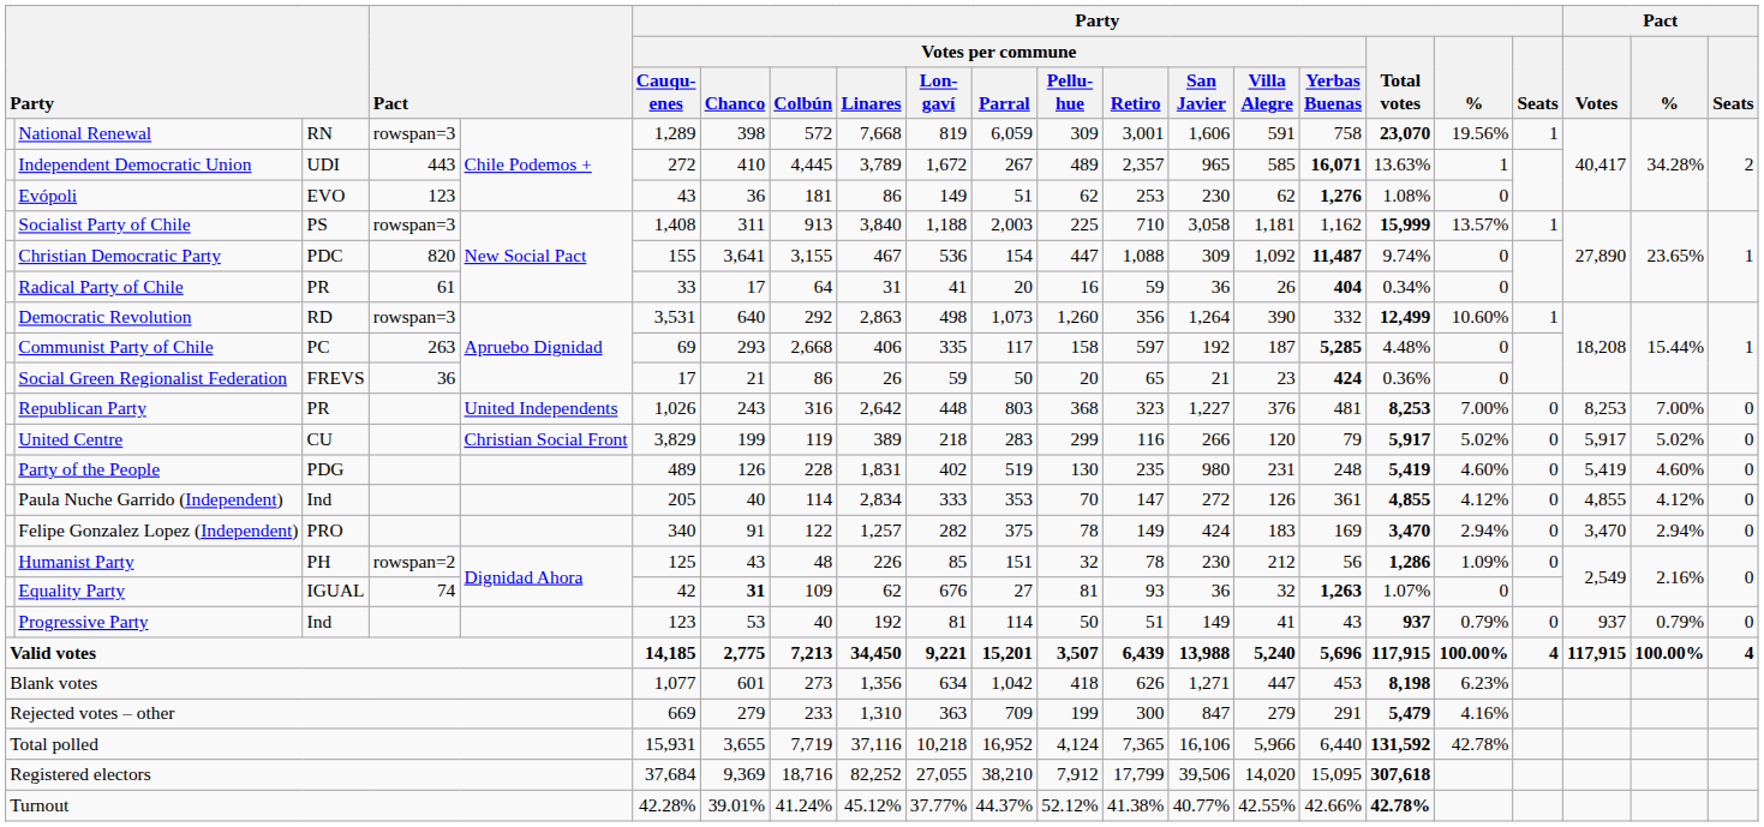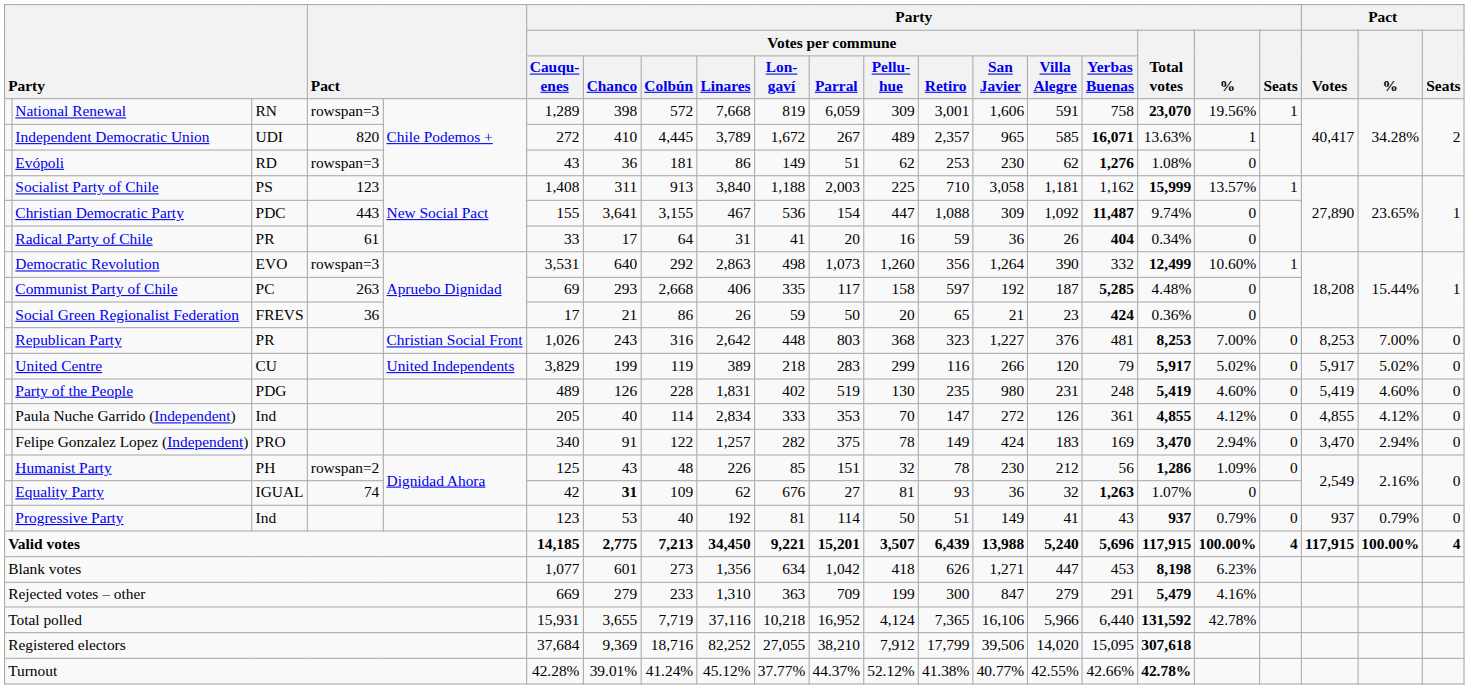 <table class="wikitable" border="1" style="font-size:90%; text-align:right; white-space: nowrap;">
 <tr>
 <th style="text-align:left;" valign=bottom rowspan=3 colspan=3>Party</th>
 <th style="text-align:left;" valign=bottom rowspan=3 colspan=2>Pact</th>
 <th colspan=14>Party</th>
 <th colspan=3>Pact</th>
 </tr>
 <tr>
 <th colspan=11>Votes per commune</th>
 <th align=center valign=bottom rowspan=2 width="40">Total<br>votes</th>
 <th align=center valign=bottom rowspan=2 width="40">%</th>
 <th align=center valign=bottom rowspan=2>Seats</th>
 <th align=center valign=bottom rowspan=2 width="40">Votes</th>
 <th align=center valign=bottom rowspan=2 width="40">%</th>
 <th align=center valign=bottom rowspan=2>Seats</th>
 </tr>
 <tr>
 <th align=center valign=bottom width="40"><a href='#'>Cauqu-<br>enes</a></th>
 <th align=center valign=bottom width="40"><a href='#'>Chanco</a></th>
 <th align=center valign=bottom width="40"><a href='#'>Colbún</a></th>
 <th align=center valign=bottom width="40"><a href='#'>Linares</a></th>
 <th align=center valign=bottom width="40"><a href='#'>Lon-<br>gaví</a></th>
 <th align=center valign=bottom width="40"><a href='#'>Parral</a></th>
 <th align=center valign=bottom width="40"><a href='#'>Pellu-<br>hue</a></th>
 <th align=center valign=bottom width="40"><a href='#'>Retiro</a></th>
 <th align=center valign=bottom width="40"><a href='#'>San<br>Javier</a></th>
 <th align=center valign=bottom width="40"><a href='#'>Villa<br>Alegre</a></th>
 <th align=center valign=bottom width="40"><a href='#'>Yerbas<br>Buenas</a></th>
 </tr>
 <tr>
 <td></td>
 <td align=left><a href='#'>National Renewal</a></td>
 <td align=left>RN</td>
 <td>rowspan=3 </td>
 <td rowspan=3 align=left><a href='#'>Chile Podemos +</a></td>
 <td>1,289</td>
 <td>398</td>
 <td>572</td>
 <td>7,668</td>
 <td>819</td>
 <td>6,059</td>
 <td>309</td>
 <td>3,001</td>
 <td>1,606</td>
 <td>591</td>
 <td>758</td>
 <td><strong>23,070</strong></td>
 <td>19.56%</td>
 <td>1</td>
 <td rowspan=3>40,417</td>
 <td rowspan=3>34.28%</td>
 <td rowspan=3>2</td>
 </tr>
 <tr>
 <td></td>
 <td align=left><a href='#'>Independent Democratic Union</a></td>
 <td align=left>UDI</td>
-<td>443</td>
+<td>820</td>
 <td>272</td>
 <td>410</td>
 <td>4,445</td>
 <td>3,789</td>
 <td>1,672</td>
 <td>267</td>
 <td>489</td>
 <td>2,357</td>
 <td>965</td>
 <td>585</td>
 <td><strong>16,071</strong></td>
 <td>13.63%</td>
 <td>1</td>
 </tr>
 <tr>
 <td></td>
 <td align=left><a href='#'>Evópoli</a></td>
-<td align=left>EVO</td>
-<td>123</td>
+<td align=left>RD</td>
+<td>rowspan=3 </td>
 <td>43</td>
 <td>36</td>
 <td>181</td>
 <td>86</td>
 <td>149</td>
 <td>51</td>
 <td>62</td>
 <td>253</td>
 <td>230</td>
 <td>62</td>
 <td><strong>1,276</strong></td>
 <td>1.08%</td>
 <td>0</td>
 </tr>
 <tr>
 <td></td>
 <td align=left><a href='#'>Socialist Party of Chile</a></td>
 <td align=left>PS</td>
-<td>rowspan=3 </td>
+<td>123</td>
 <td rowspan=3 align=left><a href='#'>New Social Pact</a></td>
 <td>1,408</td>
 <td>311</td>
 <td>913</td>
 <td>3,840</td>
 <td>1,188</td>
 <td>2,003</td>
 <td>225</td>
 <td>710</td>
 <td>3,058</td>
 <td>1,181</td>
 <td>1,162</td>
 <td><strong>15,999</strong></td>
 <td>13.57%</td>
 <td>1</td>
 <td rowspan=3>27,890</td>
 <td rowspan=3>23.65%</td>
 <td rowspan=3>1</td>
 </tr>
 <tr>
 <td></td>
 <td align=left><a href='#'>Christian Democratic Party</a></td>
 <td align=left>PDC</td>
-<td>820</td>
+<td>443</td>
 <td>155</td>
 <td>3,641</td>
 <td>3,155</td>
 <td>467</td>
 <td>536</td>
 <td>154</td>
 <td>447</td>
 <td>1,088</td>
 <td>309</td>
 <td>1,092</td>
 <td><strong>11,487</strong></td>
 <td>9.74%</td>
 <td>0</td>
 </tr>
 <tr>
 <td></td>
 <td align=left><a href='#'>Radical Party of Chile</a></td>
 <td align=left>PR</td>
 <td>61</td>
 <td>33</td>
 <td>17</td>
 <td>64</td>
 <td>31</td>
 <td>41</td>
 <td>20</td>
 <td>16</td>
 <td>59</td>
 <td>36</td>
 <td>26</td>
 <td><strong>404</strong></td>
 <td>0.34%</td>
 <td>0</td>
 </tr>
 <tr>
 <td></td>
 <td align=left><a href='#'>Democratic Revolution</a></td>
-<td align=left>RD</td>
+<td align=left>EVO</td>
 <td>rowspan=3 </td>
 <td rowspan=3 align=left><a href='#'>Apruebo Dignidad</a></td>
 <td>3,531</td>
 <td>640</td>
 <td>292</td>
 <td>2,863</td>
 <td>498</td>
 <td>1,073</td>
 <td>1,260</td>
 <td>356</td>
 <td>1,264</td>
 <td>390</td>
 <td>332</td>
 <td><strong>12,499</strong></td>
 <td>10.60%</td>
 <td>1</td>
 <td rowspan=3>18,208</td>
 <td rowspan=3>15.44%</td>
 <td rowspan=3>1</td>
 </tr>
 <tr>
 <td></td>
 <td align=left><a href='#'>Communist Party of Chile</a></td>
 <td align=left>PC</td>
 <td>263</td>
 <td>69</td>
 <td>293</td>
 <td>2,668</td>
 <td>406</td>
 <td>335</td>
 <td>117</td>
 <td>158</td>
 <td>597</td>
 <td>192</td>
 <td>187</td>
 <td><strong>5,285</strong></td>
 <td>4.48%</td>
 <td>0</td>
 </tr>
 <tr>
 <td></td>
 <td align=left><a href='#'>Social Green Regionalist Federation</a></td>
 <td align=left>FREVS</td>
 <td>36</td>
 <td>17</td>
 <td>21</td>
 <td>86</td>
 <td>26</td>
 <td>59</td>
 <td>50</td>
 <td>20</td>
 <td>65</td>
 <td>21</td>
 <td>23</td>
 <td><strong>424</strong></td>
 <td>0.36%</td>
 <td>0</td>
 </tr>
 <tr>
 <td></td>
 <td align=left><a href='#'>Republican Party</a></td>
 <td align=left>PR</td>
 <td></td>
-<td align=left><a href='#'>United Independents</a></td>
+<td align=left><a href='#'>Christian Social Front</a></td>
 <td>1,026</td>
 <td>243</td>
 <td>316</td>
 <td>2,642</td>
 <td>448</td>
 <td>803</td>
 <td>368</td>
 <td>323</td>
 <td>1,227</td>
 <td>376</td>
 <td>481</td>
 <td><strong>8,253</strong></td>
 <td>7.00%</td>
 <td>0</td>
 <td>8,253</td>
 <td>7.00%</td>
 <td>0</td>
 </tr>
 <tr>
 <td></td>
 <td align=left><a href='#'>United Centre</a></td>
 <td align=left>CU</td>
 <td></td>
-<td align=left><a href='#'>Christian Social Front</a></td>
+<td align=left><a href='#'>United Independents</a></td>
 <td>3,829</td>
 <td>199</td>
 <td>119</td>
 <td>389</td>
 <td>218</td>
 <td>283</td>
 <td>299</td>
 <td>116</td>
 <td>266</td>
 <td>120</td>
 <td>79</td>
 <td><strong>5,917</strong></td>
 <td>5.02%</td>
 <td>0</td>
 <td>5,917</td>
 <td>5.02%</td>
 <td>0</td>
 </tr>
 <tr>
 <td></td>
 <td align=left><a href='#'>Party of the People</a></td>
 <td align=left>PDG</td>
 <td></td>
 <td></td>
 <td>489</td>
 <td>126</td>
 <td>228</td>
 <td>1,831</td>
 <td>402</td>
 <td>519</td>
 <td>130</td>
 <td>235</td>
 <td>980</td>
 <td>231</td>
 <td>248</td>
 <td><strong>5,419</strong></td>
 <td>4.60%</td>
 <td>0</td>
 <td>5,419</td>
 <td>4.60%</td>
 <td>0</td>
 </tr>
 <tr>
 <td></td>
 <td align=left>Paula Nuche Garrido (<a href='#'>Independent</a>)</td>
 <td align=left>Ind</td>
 <td></td>
 <td></td>
 <td>205</td>
 <td>40</td>
 <td>114</td>
 <td>2,834</td>
 <td>333</td>
 <td>353</td>
 <td>70</td>
 <td>147</td>
 <td>272</td>
 <td>126</td>
 <td>361</td>
 <td><strong>4,855</strong></td>
 <td>4.12%</td>
 <td>0</td>
 <td>4,855</td>
 <td>4.12%</td>
 <td>0</td>
 </tr>
 <tr>
 <td></td>
 <td align=left>Felipe Gonzalez Lopez (<a href='#'>Independent</a>)</td>
 <td align=left>PRO</td>
 <td></td>
 <td></td>
 <td>340</td>
 <td>91</td>
 <td>122</td>
 <td>1,257</td>
 <td>282</td>
 <td>375</td>
 <td>78</td>
 <td>149</td>
 <td>424</td>
 <td>183</td>
 <td>169</td>
 <td><strong>3,470</strong></td>
 <td>2.94%</td>
 <td>0</td>
 <td>3,470</td>
 <td>2.94%</td>
 <td>0</td>
 </tr>
 <tr>
 <td></td>
 <td align=left><a href='#'>Humanist Party</a></td>
 <td align=left>PH</td>
 <td>rowspan=2 </td>
 <td rowspan=2 align=left><a href='#'>Dignidad Ahora</a></td>
 <td>125</td>
 <td>43</td>
 <td>48</td>
 <td>226</td>
 <td>85</td>
 <td>151</td>
 <td>32</td>
 <td>78</td>
 <td>230</td>
 <td>212</td>
 <td>56</td>
 <td><strong>1,286</strong></td>
 <td>1.09%</td>
 <td>0</td>
 <td rowspan=2>2,549</td>
 <td rowspan=2>2.16%</td>
 <td rowspan=2>0</td>
 </tr>
 <tr>
 <td></td>
 <td align=left><a href='#'>Equality Party</a></td>
 <td align=left>IGUAL</td>
 <td>74</td>
 <td>42</td>
 <td><strong>31</strong></td>
 <td>109</td>
 <td>62</td>
 <td>676</td>
 <td>27</td>
 <td>81</td>
 <td>93</td>
 <td>36</td>
 <td>32</td>
 <td><strong>1,263</strong></td>
 <td>1.07%</td>
 <td>0</td>
 </tr>
 <tr>
 <td></td>
 <td align=left><a href='#'>Progressive Party</a></td>
 <td align=left>Ind</td>
 <td></td>
 <td></td>
 <td>123</td>
 <td>53</td>
 <td>40</td>
 <td>192</td>
 <td>81</td>
 <td>114</td>
 <td>50</td>
 <td>51</td>
 <td>149</td>
 <td>41</td>
 <td>43</td>
 <td><strong>937</strong></td>
 <td>0.79%</td>
 <td>0</td>
 <td>937</td>
 <td>0.79%</td>
 <td>0</td>
 </tr>
 <tr style="font-weight:bold">
 <td align=left colspan=5>Valid votes</td>
 <td>14,185</td>
 <td>2,775</td>
 <td>7,213</td>
 <td>34,450</td>
 <td>9,221</td>
 <td>15,201</td>
 <td>3,507</td>
 <td>6,439</td>
 <td>13,988</td>
 <td>5,240</td>
 <td>5,696</td>
 <td>117,915</td>
 <td>100.00%</td>
 <td>4</td>
 <td>117,915</td>
 <td>100.00%</td>
 <td>4</td>
 </tr>
 <tr>
 <td align=left colspan=5>Blank votes</td>
 <td>1,077</td>
 <td>601</td>
 <td>273</td>
 <td>1,356</td>
 <td>634</td>
 <td>1,042</td>
 <td>418</td>
 <td>626</td>
 <td>1,271</td>
 <td>447</td>
 <td>453</td>
 <td><strong>8,198</strong></td>
 <td>6.23%</td>
 <td></td>
 <td></td>
 <td></td>
 <td></td>
 </tr>
 <tr>
 <td align=left colspan=5>Rejected votes – other</td>
 <td>669</td>
 <td>279</td>
 <td>233</td>
 <td>1,310</td>
 <td>363</td>
 <td>709</td>
 <td>199</td>
 <td>300</td>
 <td>847</td>
 <td>279</td>
 <td>291</td>
 <td><strong>5,479</strong></td>
 <td>4.16%</td>
 <td></td>
 <td></td>
 <td></td>
 <td></td>
 </tr>
 <tr>
 <td align=left colspan=5>Total polled</td>
 <td>15,931</td>
 <td>3,655</td>
 <td>7,719</td>
 <td>37,116</td>
 <td>10,218</td>
 <td>16,952</td>
 <td>4,124</td>
 <td>7,365</td>
 <td>16,106</td>
 <td>5,966</td>
 <td>6,440</td>
 <td><strong>131,592</strong></td>
 <td>42.78%</td>
 <td></td>
 <td></td>
 <td></td>
 <td></td>
 </tr>
 <tr>
 <td align=left colspan=5>Registered electors</td>
 <td>37,684</td>
 <td>9,369</td>
 <td>18,716</td>
 <td>82,252</td>
 <td>27,055</td>
 <td>38,210</td>
 <td>7,912</td>
 <td>17,799</td>
 <td>39,506</td>
 <td>14,020</td>
 <td>15,095</td>
 <td><strong>307,618</strong></td>
 <td></td>
 <td></td>
 <td></td>
 <td></td>
 <td></td>
 </tr>
 <tr>
 <td align=left colspan=5>Turnout</td>
 <td>42.28%</td>
 <td>39.01%</td>
 <td>41.24%</td>
 <td>45.12%</td>
 <td>37.77%</td>
 <td>44.37%</td>
 <td>52.12%</td>
 <td>41.38%</td>
 <td>40.77%</td>
 <td>42.55%</td>
 <td>42.66%</td>
 <td><strong>42.78%</strong></td>
 <td></td>
 <td></td>
 <td></td>
 <td></td>
 <td></td>
 </tr>
 </table>
